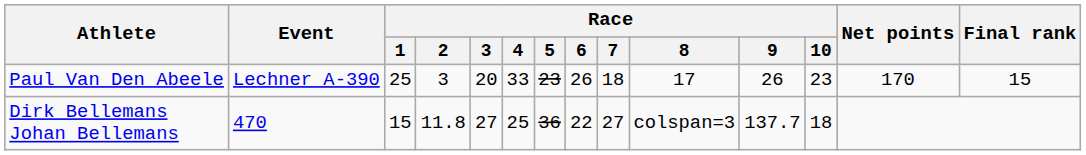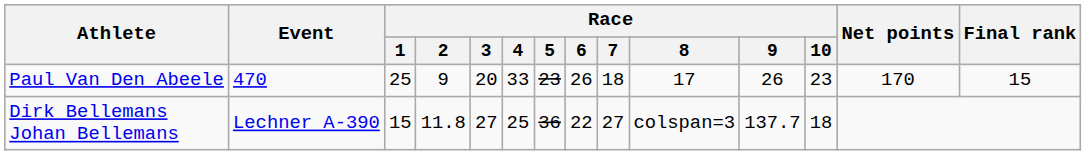 <table class="wikitable" style="font-size:90%">
 <tr>
 <th rowspan=2>Athlete</th>
 <th rowspan=2>Event</th>
 <th colspan=10>Race</th>
 <th rowspan=2>Net points</th>
 <th rowspan=2>Final rank</th>
 </tr>
 <tr style="font-size:95%">
 <th>1</th>
 <th>2</th>
 <th>3</th>
 <th>4</th>
 <th>5</th>
 <th>6</th>
 <th>7</th>
 <th>8</th>
 <th>9</th>
 <th>10</th>
 </tr>
 <tr align=center>
 <td align=left><a href='#'>Paul Van Den Abeele</a></td>
-<td align=left><a href='#'>Lechner A-390</a></td>
+<td align=left><a href='#'>470</a></td>
 <td>25</td>
-<td>3</td>
+<td>9</td>
 <td>20</td>
 <td>33</td>
 <td><s>23</s></td>
 <td>26</td>
 <td>18</td>
 <td>17</td>
 <td>26</td>
 <td>23</td>
 <td>170</td>
 <td>15</td>
 </tr>
 <tr align=center>
 <td align=left><a href='#'>Dirk Bellemans</a><br><a href='#'>Johan Bellemans</a></td>
-<td align=left><a href='#'>470</a></td>
+<td align=left><a href='#'>Lechner A-390</a></td>
 <td>15</td>
 <td>11.8</td>
 <td>27</td>
 <td>25</td>
 <td><s>36</s></td>
 <td>22</td>
 <td>27</td>
 <td>colspan=3</td>
 <td>137.7</td>
 <td>18</td>
 </tr>
 </table>
